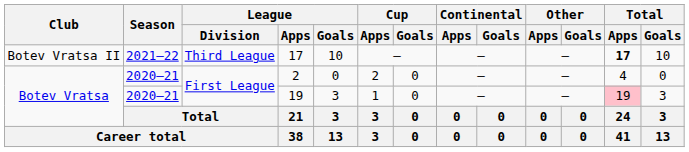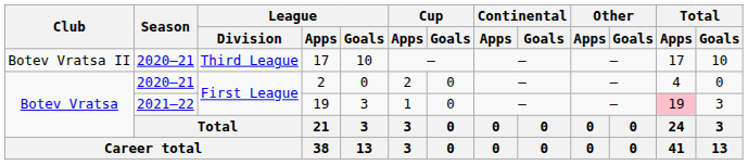 <table class="wikitable" style="text-align:center">
 <tr>
 <th rowspan="2">Club</th>
 <th rowspan="2">Season</th>
 <th colspan="3">League</th>
 <th colspan="2">Cup</th>
 <th colspan="2">Continental</th>
 <th colspan="2">Other</th>
 <th colspan="2">Total</th>
 </tr>
 <tr>
 <th>Division</th>
 <th>Apps</th>
 <th>Goals</th>
 <th>Apps</th>
 <th>Goals</th>
 <th>Apps</th>
 <th>Goals</th>
 <th>Apps</th>
 <th>Goals</th>
 <th>Apps</th>
 <th>Goals</th>
 </tr>
 <tr>
 <td>Botev Vratsa II</td>
-<td><a href='#'>2021–22</a></td>
+<td><a href='#'>2020–21</a></td>
 <td><a href='#'>Third League</a></td>
 <td>17</td>
 <td>10</td>
 <td colspan="2">–</td>
 <td colspan="2">–</td>
 <td colspan="2">–</td>
-<td><strong>17</strong></td>
+<td>17</td>
 <td>10</td>
 </tr>
 <tr>
 <td rowspan="3"><a href='#'>Botev Vratsa</a></td>
 <td><a href='#'>2020–21</a></td>
 <td rowspan="2"><a href='#'>First League</a></td>
 <td>2</td>
 <td>0</td>
 <td>2</td>
 <td>0</td>
 <td colspan="2">–</td>
 <td colspan="2">–</td>
 <td>4</td>
 <td>0</td>
 </tr>
 <tr>
-<td><a href='#'>2020–21</a></td>
+<td><a href='#'>2021–22</a></td>
 <td>19</td>
 <td>3</td>
 <td>1</td>
 <td>0</td>
 <td colspan="2">–</td>
 <td colspan="2">–</td>
 <td style="background: pink;">19</td>
 <td>3</td>
 </tr>
 <tr>
 <th colspan="2">Total</th>
 <th>21</th>
 <th>3</th>
 <th>3</th>
 <th>0</th>
 <th>0</th>
 <th>0</th>
 <th>0</th>
 <th>0</th>
 <th>24</th>
 <th>3</th>
 </tr>
 <tr>
 <th colspan="3">Career total</th>
 <th>38</th>
 <th>13</th>
 <th>3</th>
 <th>0</th>
 <th>0</th>
 <th>0</th>
 <th>0</th>
 <th>0</th>
 <th>41</th>
 <th>13</th>
 </tr>
 </table>
